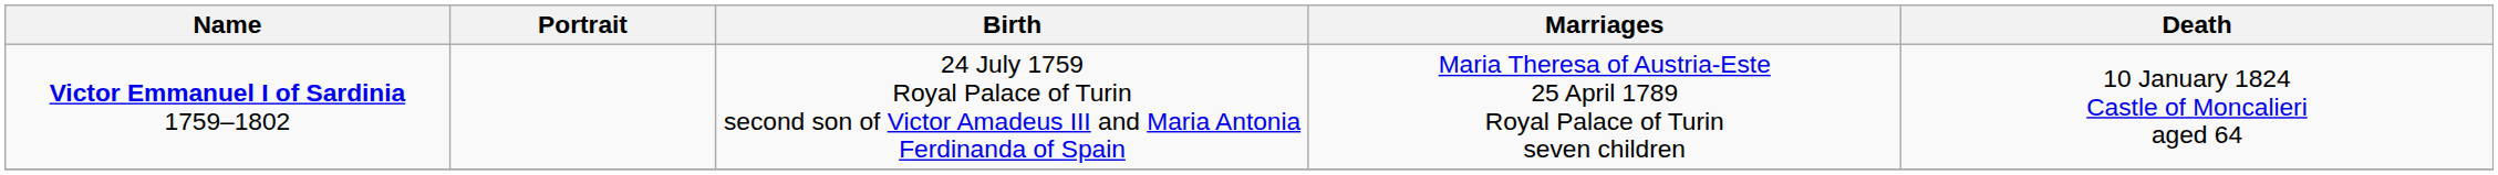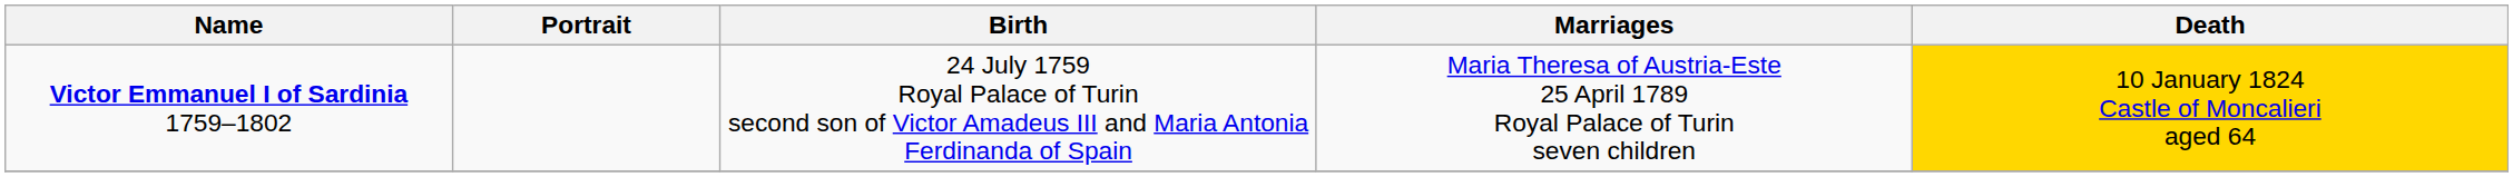 <table style="text-align:center; width:100%" class="wikitable">
 <tr>
 <th width=15%>Name</th>
 <th width=9%>Portrait</th>
 <th width=20%>Birth</th>
 <th width=20%>Marriages</th>
 <th width=20%>Death</th>
 </tr>
 <tr>
 <td width=auto><strong><a href='#'>Victor Emmanuel I of Sardinia</a></strong><br>1759–1802</td>
 <td></td>
 <td>24 July 1759<br>Royal Palace of Turin<br>second son of <a href='#'>Victor Amadeus III</a> and <a href='#'>Maria Antonia Ferdinanda of Spain</a></td>
 <td><a href='#'>Maria Theresa of Austria-Este</a><br>25 April 1789<br>Royal Palace of Turin<br>seven children</td>
-<td>10 January 1824<br><a href='#'>Castle of Moncalieri</a><br>aged 64</td>
+<td style="background: gold;">10 January 1824<br><a href='#'>Castle of Moncalieri</a><br>aged 64</td>
 </tr>
 <tr>
 </tr>
 </table>
